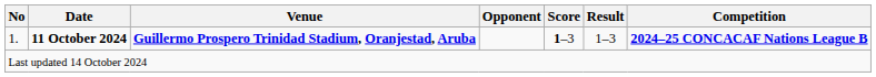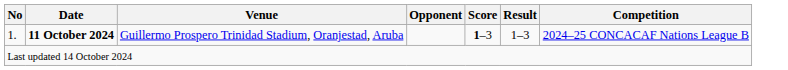 <table class="wikitable" style="font-size:85%;">
 <tr>
 <th>No</th>
 <th>Date</th>
 <th>Venue</th>
 <th>Opponent</th>
 <th>Score</th>
 <th>Result</th>
 <th>Competition</th>
 </tr>
 <tr>
 <td>1.</td>
 <td><strong>11 October 2024</strong></td>
-<td><strong><a href='#'>Guillermo Prospero Trinidad Stadium</a>, <a href='#'>Oranjestad</a>, <a href='#'>Aruba</a></strong></td>
+<td><a href='#'>Guillermo Prospero Trinidad Stadium</a>, <a href='#'>Oranjestad</a>, <a href='#'>Aruba</a></td>
 <td></td>
 <td align=center><strong>1</strong>–3</td>
 <td align=center>1–3</td>
-<td><strong><a href='#'>2024–25 CONCACAF Nations League B</a></strong></td>
+<td><a href='#'>2024–25 CONCACAF Nations League B</a></td>
 </tr>
 <tr>
 <td colspan="7"><small>Last updated 14 October 2024</small></td>
 </tr>
 </table>
